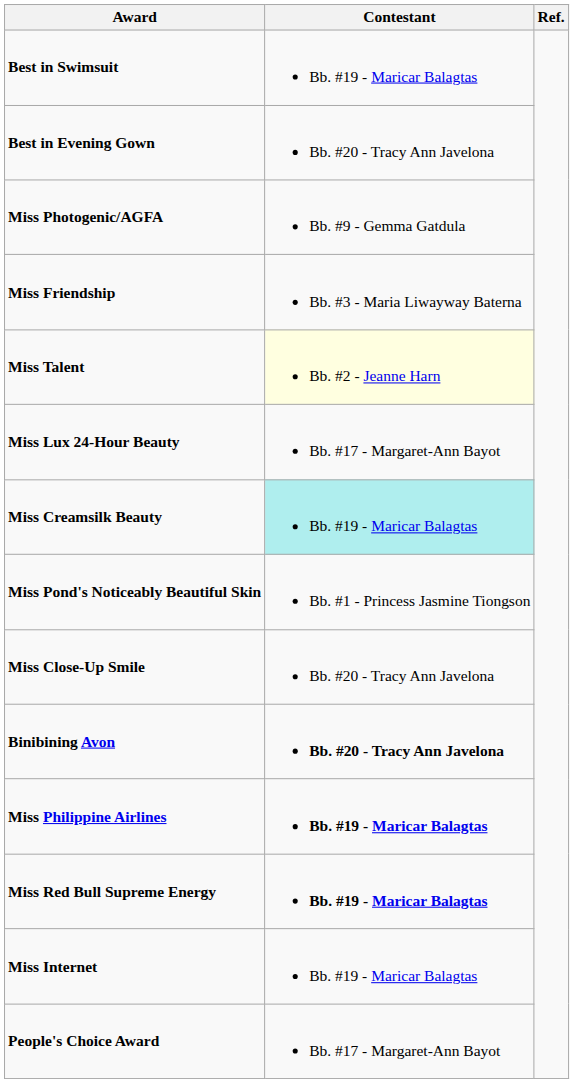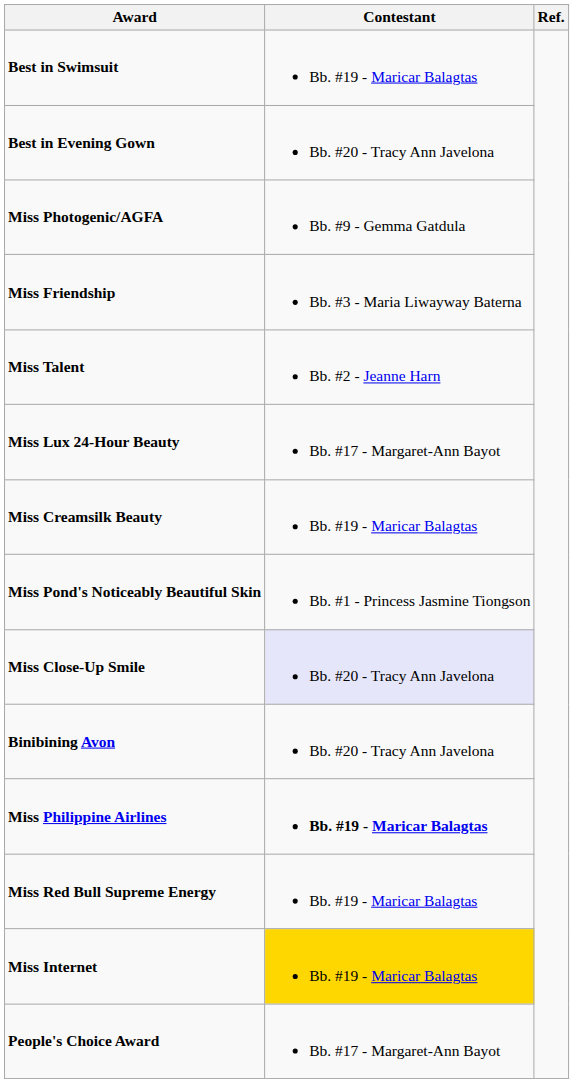 <table class="wikitable sortable" style="font-size: 95%;">
 <tr>
 <th>Award</th>
 <th>Contestant</th>
 <th>Ref.</th>
 </tr>
 <tr>
 <td><strong>Best in Swimsuit</strong></td>
 <td><br><ul><li>Bb. #19 - <a href='#'>Maricar Balagtas</a></li></ul></td>
 <td rowspan="14"></td>
 </tr>
 <tr>
 <td><strong>Best in Evening Gown</strong></td>
 <td><br><ul><li>Bb. #20 - Tracy Ann Javelona</li></ul></td>
 </tr>
 <tr>
 <td><strong>Miss Photogenic/AGFA</strong></td>
 <td><br><ul><li>Bb. #9 - Gemma Gatdula</li></ul></td>
 </tr>
 <tr>
 <td><strong>Miss Friendship</strong></td>
 <td><br><ul><li>Bb. #3 - Maria Liwayway Baterna</li></ul></td>
 </tr>
 <tr>
 <td><strong>Miss Talent</strong></td>
-<td style="background: lightyellow;"><br><ul><li>Bb. #2 - <a href='#'>Jeanne Harn</a></li></ul></td>
+<td><br><ul><li>Bb. #2 - <a href='#'>Jeanne Harn</a></li></ul></td>
 </tr>
 <tr>
 <td><strong>Miss Lux 24-Hour Beauty</strong></td>
 <td><br><ul><li>Bb. #17 - Margaret-Ann Bayot</li></ul></td>
 </tr>
 <tr>
 <td><strong>Miss Creamsilk Beauty</strong></td>
-<td style="background: paleturquoise;"><br><ul><li>Bb. #19 - <a href='#'>Maricar Balagtas</a></li></ul></td>
+<td><br><ul><li>Bb. #19 - <a href='#'>Maricar Balagtas</a></li></ul></td>
 </tr>
 <tr>
 <td><strong>Miss Pond's Noticeably Beautiful Skin</strong></td>
 <td><br><ul><li>Bb. #1 - Princess Jasmine Tiongson</li></ul></td>
 </tr>
 <tr>
 <td><strong>Miss Close-Up Smile</strong></td>
-<td><br><ul><li>Bb. #20 - Tracy Ann Javelona</li></ul></td>
+<td style="background: lavender;"><br><ul><li>Bb. #20 - Tracy Ann Javelona</li></ul></td>
 </tr>
 <tr>
 <td><strong>Binibining <a href='#'>Avon</a></strong></td>
-<td><strong><br><ul><li>Bb. #20 - Tracy Ann Javelona</li></ul></strong></td>
+<td><br><ul><li>Bb. #20 - Tracy Ann Javelona</li></ul></td>
 </tr>
 <tr>
 <td><strong>Miss <a href='#'>Philippine Airlines</a></strong></td>
 <td><strong><br><ul><li>Bb. #19 - <a href='#'>Maricar Balagtas</a></li></ul></strong></td>
 </tr>
 <tr>
 <td><strong>Miss Red Bull Supreme Energy</strong></td>
-<td><strong><br><ul><li>Bb. #19 - <a href='#'>Maricar Balagtas</a></li></ul></strong></td>
+<td><br><ul><li>Bb. #19 - <a href='#'>Maricar Balagtas</a></li></ul></td>
 </tr>
 <tr>
 <td><strong>Miss Internet</strong></td>
-<td><br><ul><li>Bb. #19 - <a href='#'>Maricar Balagtas</a></li></ul></td>
+<td style="background: gold;"><br><ul><li>Bb. #19 - <a href='#'>Maricar Balagtas</a></li></ul></td>
 </tr>
 <tr>
 <td><strong>People's Choice Award</strong></td>
 <td><br><ul><li>Bb. #17 - Margaret-Ann Bayot</li></ul></td>
 </tr>
 </table>
